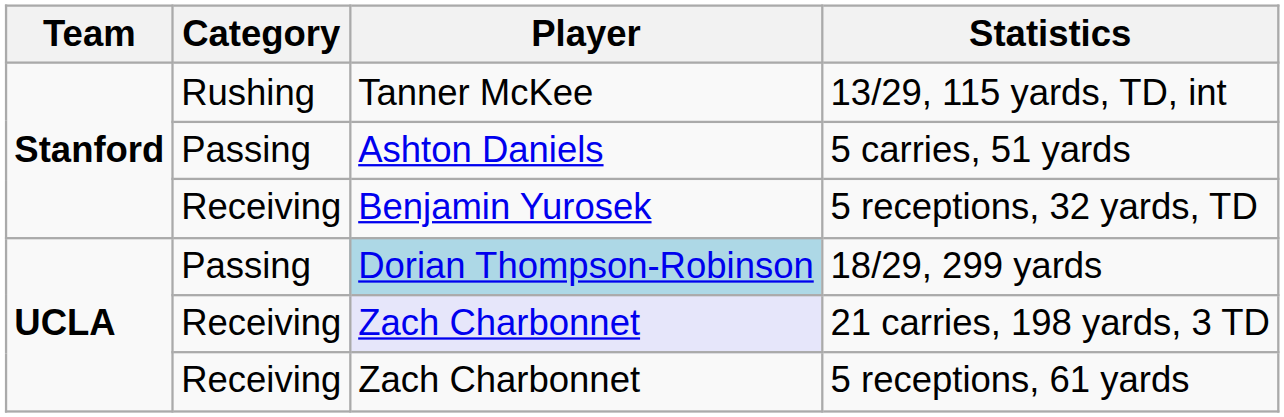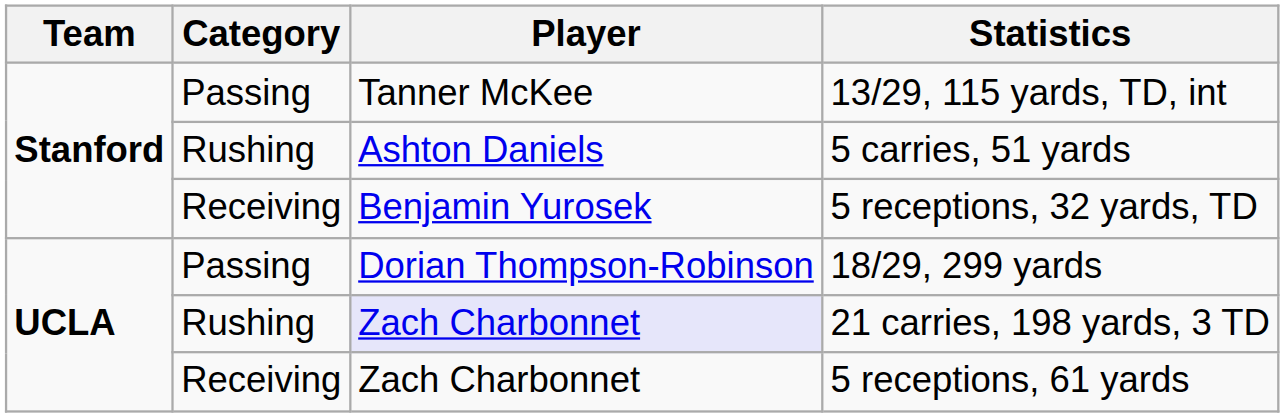 <table class="wikitable" style="float: right;">
 <tr>
 <th>Team</th>
 <th>Category</th>
 <th>Player</th>
 <th>Statistics</th>
 </tr>
 <tr>
 <td rowspan=3><strong>Stanford</strong></td>
-<td>Rushing</td>
+<td>Passing</td>
 <td>Tanner McKee</td>
 <td>13/29, 115 yards, TD, int</td>
 </tr>
 <tr>
-<td>Passing</td>
+<td>Rushing</td>
 <td><a href='#'>Ashton Daniels</a></td>
 <td>5 carries, 51 yards</td>
 </tr>
 <tr>
 <td>Receiving</td>
 <td><a href='#'>Benjamin Yurosek</a></td>
 <td>5 receptions, 32 yards, TD</td>
 </tr>
 <tr>
 <td rowspan=3><strong>UCLA</strong></td>
 <td>Passing</td>
-<td style="background: lightblue;"><a href='#'>Dorian Thompson-Robinson</a></td>
+<td><a href='#'>Dorian Thompson-Robinson</a></td>
 <td>18/29, 299 yards</td>
 </tr>
 <tr>
-<td>Receiving</td>
+<td>Rushing</td>
 <td style="background: lavender;"><a href='#'>Zach Charbonnet</a></td>
 <td>21 carries, 198 yards, 3 TD</td>
 </tr>
 <tr>
 <td>Receiving</td>
 <td>Zach Charbonnet</td>
 <td>5 receptions, 61 yards</td>
 </tr>
 </table>
